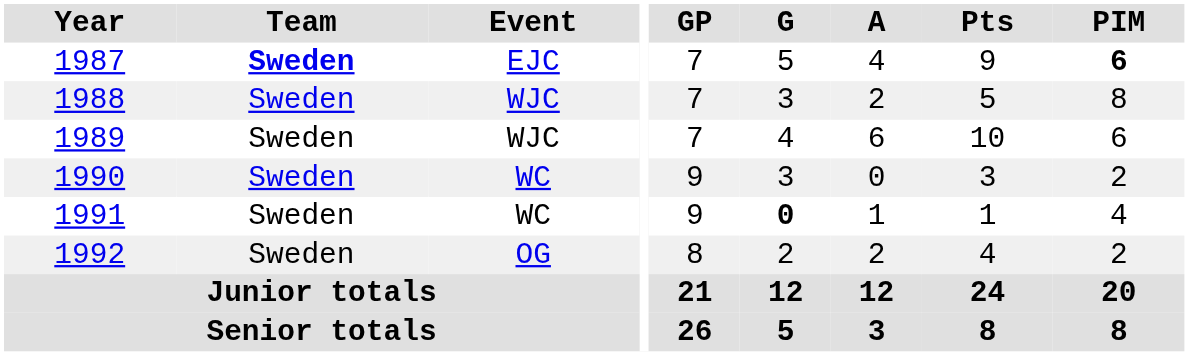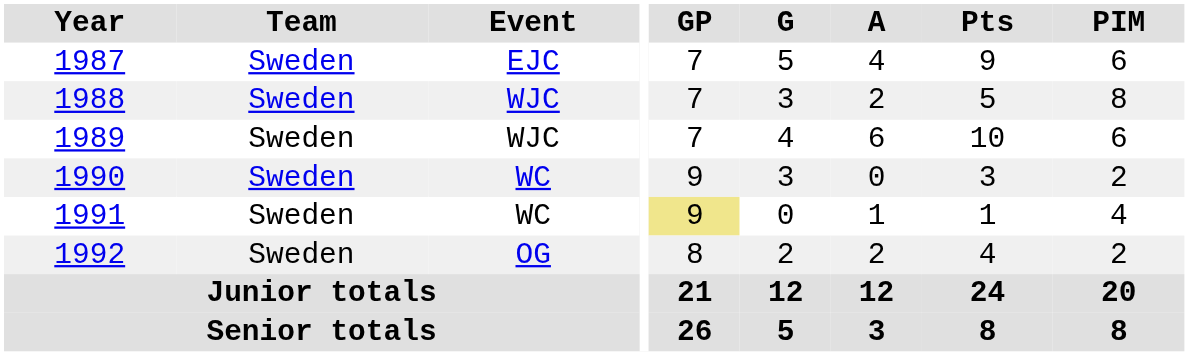 <table border="0" cellpadding="1" cellspacing="0" ID="Table3" style="text-align:center; width:40em">
 <tr ALIGN="center" bgcolor="#e0e0e0">
 <th>Year</th>
 <th>Team</th>
 <th>Event</th>
 <th rowspan="99" bgcolor="#ffffff"></th>
 <th>GP</th>
 <th>G</th>
 <th>A</th>
 <th>Pts</th>
 <th>PIM</th>
 </tr>
 <tr>
 <td><a href='#'>1987</a></td>
-<td><strong><a href='#'>Sweden</a></strong></td>
+<td><a href='#'>Sweden</a></td>
 <td><a href='#'>EJC</a></td>
 <td>7</td>
 <td>5</td>
 <td>4</td>
 <td>9</td>
-<td><strong>6</strong></td>
+<td>6</td>
 </tr>
 <tr bgcolor="#f0f0f0">
 <td><a href='#'>1988</a></td>
 <td><a href='#'>Sweden</a></td>
 <td><a href='#'>WJC</a></td>
 <td>7</td>
 <td>3</td>
 <td>2</td>
 <td>5</td>
 <td>8</td>
 </tr>
 <tr>
 <td><a href='#'>1989</a></td>
 <td>Sweden</td>
 <td>WJC</td>
 <td>7</td>
 <td>4</td>
 <td>6</td>
 <td>10</td>
 <td>6</td>
 </tr>
 <tr bgcolor="#f0f0f0">
 <td><a href='#'>1990</a></td>
 <td><a href='#'>Sweden</a></td>
 <td><a href='#'>WC</a></td>
 <td>9</td>
 <td>3</td>
 <td>0</td>
 <td>3</td>
 <td>2</td>
 </tr>
 <tr>
 <td><a href='#'>1991</a></td>
 <td>Sweden</td>
 <td>WC</td>
-<td>9</td>
-<td><strong>0</strong></td>
+<td style="background: khaki;">9</td>
+<td>0</td>
 <td>1</td>
 <td>1</td>
 <td>4</td>
 </tr>
 <tr bgcolor="#f0f0f0">
 <td><a href='#'>1992</a></td>
 <td>Sweden</td>
 <td><a href='#'>OG</a></td>
 <td>8</td>
 <td>2</td>
 <td>2</td>
 <td>4</td>
 <td>2</td>
 </tr>
 <tr bgcolor="#e0e0e0">
 <th colspan="3">Junior totals</th>
 <th>21</th>
 <th>12</th>
 <th>12</th>
 <th>24</th>
 <th>20</th>
 </tr>
 <tr bgcolor="#e0e0e0">
 <th colspan="3">Senior totals</th>
 <th>26</th>
 <th>5</th>
 <th>3</th>
 <th>8</th>
 <th>8</th>
 </tr>
 </table>
